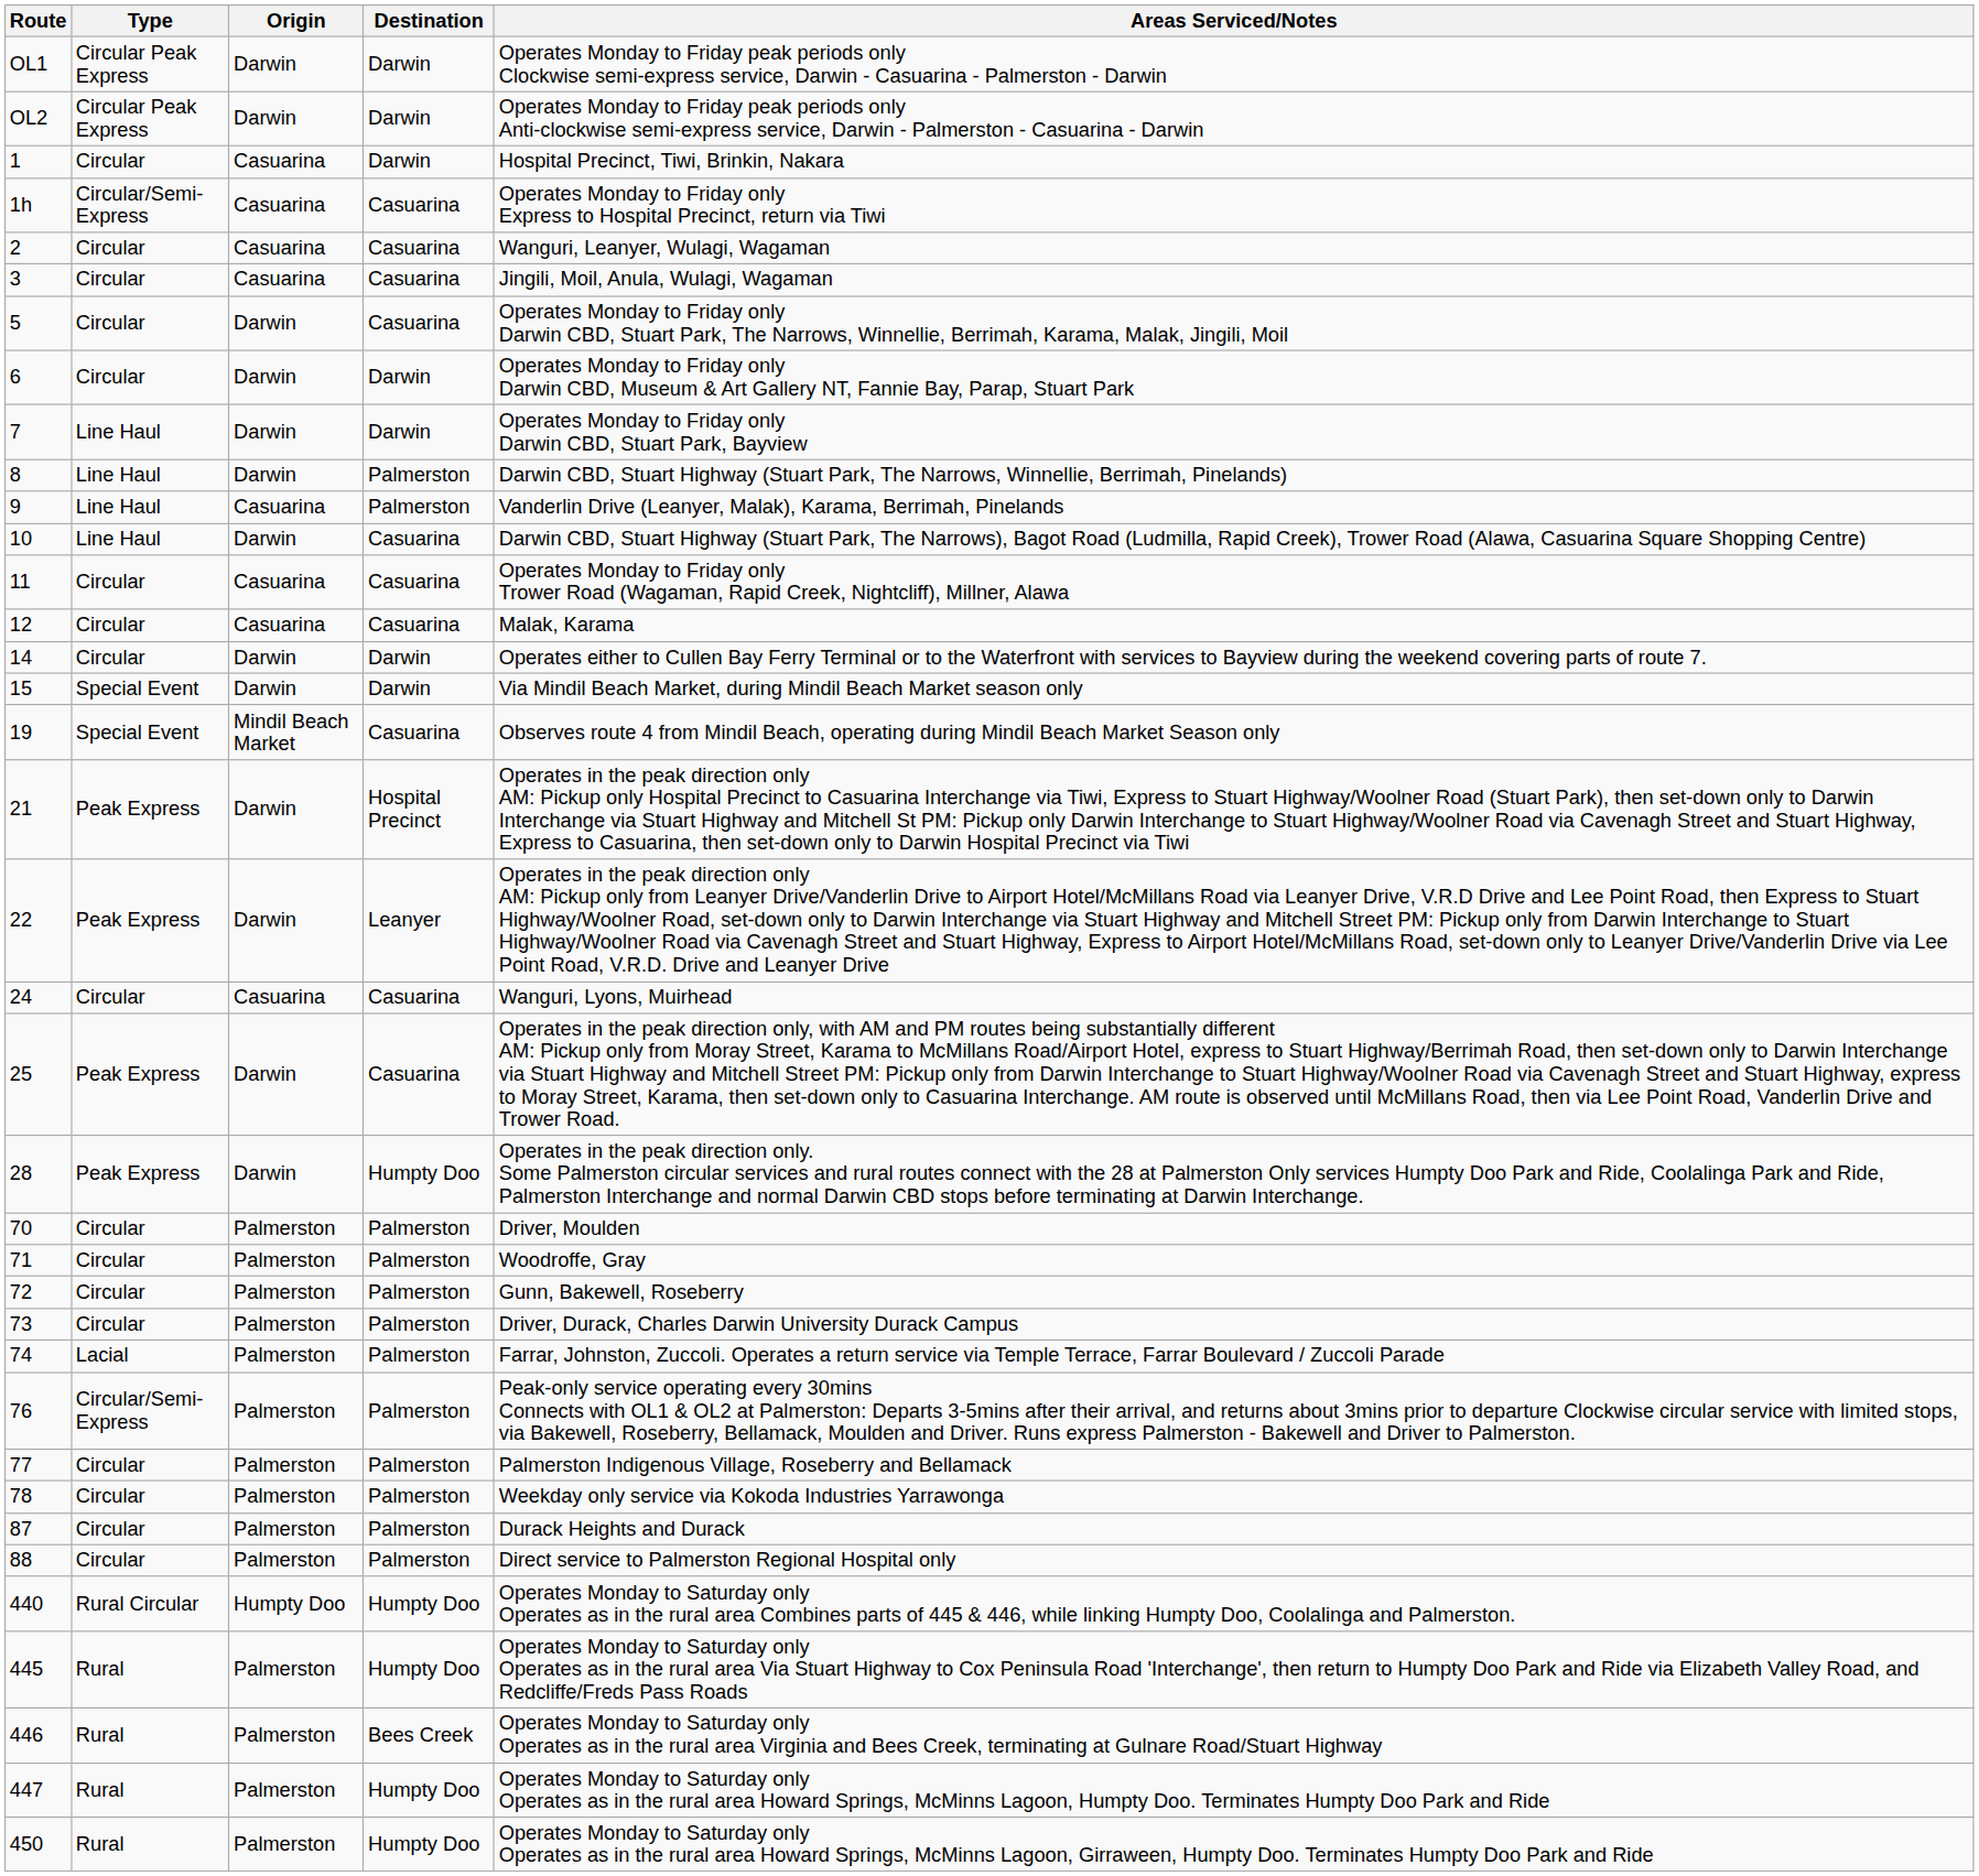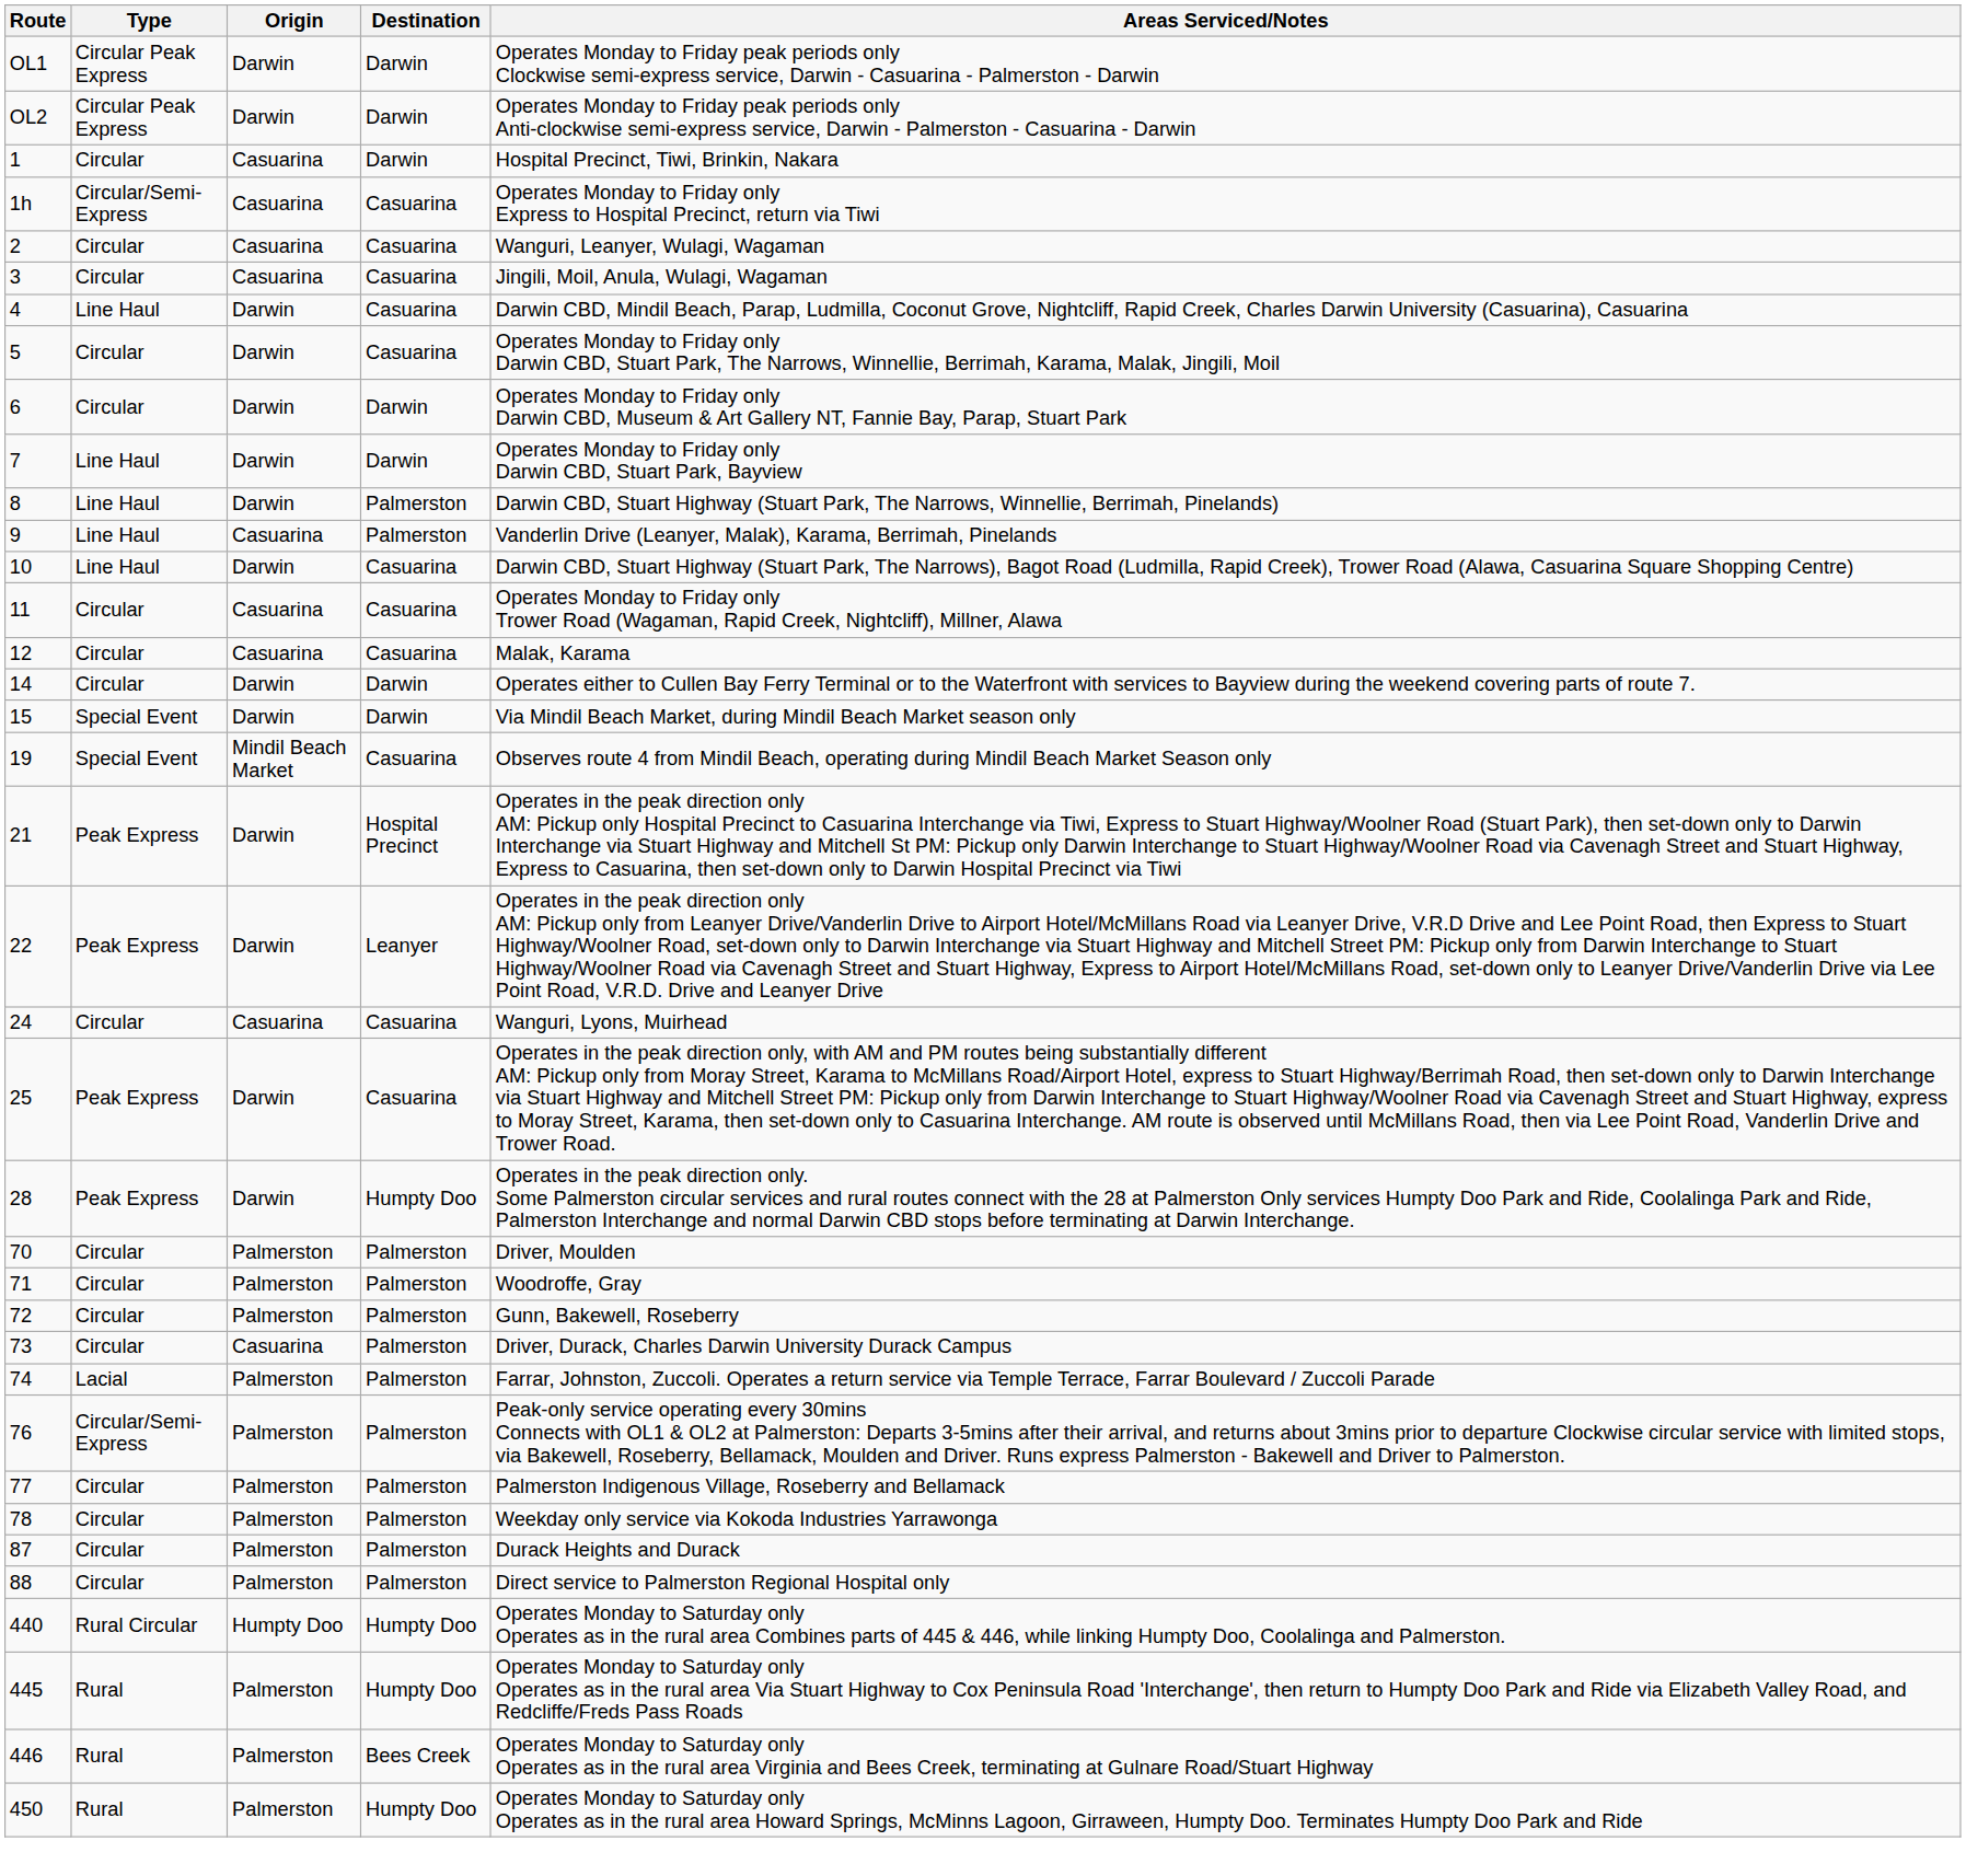 <table class="wikitable">
 <tr>
 <th>Route</th>
 <th>Type</th>
 <th>Origin</th>
 <th>Destination</th>
 <th>Areas Serviced/Notes</th>
 </tr>
 <tr>
 <td>OL1</td>
 <td>Circular Peak Express</td>
 <td>Darwin</td>
 <td>Darwin</td>
 <td>Operates Monday to Friday peak periods only<br>Clockwise semi-express service, Darwin - Casuarina - Palmerston - Darwin</td>
 </tr>
 <tr>
 <td>OL2</td>
 <td>Circular Peak Express</td>
 <td>Darwin</td>
 <td>Darwin</td>
 <td>Operates Monday to Friday peak periods only<br>Anti-clockwise semi-express service, Darwin - Palmerston - Casuarina - Darwin</td>
 </tr>
 <tr>
 <td>1</td>
 <td>Circular</td>
 <td>Casuarina</td>
 <td>Darwin</td>
 <td>Hospital Precinct, Tiwi, Brinkin, Nakara</td>
 </tr>
 <tr>
 <td>1h</td>
 <td>Circular/Semi-Express</td>
 <td>Casuarina</td>
 <td>Casuarina</td>
 <td>Operates Monday to Friday only<br>Express to Hospital Precinct, return via Tiwi</td>
 </tr>
 <tr>
 <td>2</td>
 <td>Circular</td>
 <td>Casuarina</td>
 <td>Casuarina</td>
 <td>Wanguri, Leanyer, Wulagi, Wagaman</td>
 </tr>
 <tr>
 <td>3</td>
 <td>Circular</td>
 <td>Casuarina</td>
 <td>Casuarina</td>
 <td>Jingili, Moil, Anula, Wulagi, Wagaman</td>
+</tr>
+<tr>
+<td>4</td>
+<td>Line Haul</td>
+<td>Darwin</td>
+<td>Casuarina</td>
+<td>Darwin CBD, Mindil Beach, Parap, Ludmilla, Coconut Grove, Nightcliff, Rapid Creek, Charles Darwin University (Casuarina), Casuarina</td>
 </tr>
 <tr>
 <td>5</td>
 <td>Circular</td>
 <td>Darwin</td>
 <td>Casuarina</td>
 <td>Operates Monday to Friday only<br>Darwin CBD, Stuart Park, The Narrows, Winnellie, Berrimah, Karama, Malak, Jingili, Moil</td>
 </tr>
 <tr>
 <td>6</td>
 <td>Circular</td>
 <td>Darwin</td>
 <td>Darwin</td>
 <td>Operates Monday to Friday only<br>Darwin CBD, Museum & Art Gallery NT, Fannie Bay, Parap, Stuart Park</td>
 </tr>
 <tr>
 <td>7</td>
 <td>Line Haul</td>
 <td>Darwin</td>
 <td>Darwin</td>
 <td>Operates Monday to Friday only<br>Darwin CBD, Stuart Park, Bayview</td>
 </tr>
 <tr>
 <td>8</td>
 <td>Line Haul</td>
 <td>Darwin</td>
 <td>Palmerston</td>
 <td>Darwin CBD, Stuart Highway (Stuart Park, The Narrows, Winnellie, Berrimah, Pinelands)</td>
 </tr>
 <tr>
 <td>9</td>
 <td>Line Haul</td>
 <td>Casuarina</td>
 <td>Palmerston</td>
 <td>Vanderlin Drive (Leanyer, Malak), Karama, Berrimah, Pinelands</td>
 </tr>
 <tr>
 <td>10</td>
 <td>Line Haul</td>
 <td>Darwin</td>
 <td>Casuarina</td>
 <td>Darwin CBD, Stuart Highway (Stuart Park, The Narrows), Bagot Road (Ludmilla, Rapid Creek), Trower Road (Alawa, Casuarina Square Shopping Centre)</td>
 </tr>
 <tr>
 <td>11</td>
 <td>Circular</td>
 <td>Casuarina</td>
 <td>Casuarina</td>
 <td>Operates Monday to Friday only<br>Trower Road (Wagaman, Rapid Creek, Nightcliff), Millner, Alawa</td>
 </tr>
 <tr>
 <td>12</td>
 <td>Circular</td>
 <td>Casuarina</td>
 <td>Casuarina</td>
 <td>Malak, Karama</td>
 </tr>
 <tr>
 <td>14</td>
 <td>Circular</td>
 <td>Darwin</td>
 <td>Darwin</td>
 <td>Operates either to Cullen Bay Ferry Terminal or to the Waterfront with services to Bayview during the weekend covering parts of route 7.</td>
 </tr>
 <tr>
 <td>15</td>
 <td>Special Event</td>
 <td>Darwin</td>
 <td>Darwin</td>
 <td>Via Mindil Beach Market, during Mindil Beach Market season only</td>
 </tr>
 <tr>
 <td>19</td>
 <td>Special Event</td>
 <td>Mindil Beach Market</td>
 <td>Casuarina</td>
 <td>Observes route 4 from Mindil Beach, operating during Mindil Beach Market Season only</td>
 </tr>
 <tr>
 <td>21</td>
 <td>Peak Express</td>
 <td>Darwin</td>
 <td>Hospital Precinct</td>
 <td>Operates in the peak direction only<br>AM: Pickup only Hospital Precinct to Casuarina Interchange via Tiwi, Express to Stuart Highway/Woolner Road (Stuart Park), then set-down only to Darwin Interchange via Stuart Highway and Mitchell St PM: Pickup only Darwin Interchange to Stuart Highway/Woolner Road via Cavenagh Street and Stuart Highway, Express to Casuarina, then set-down only to Darwin Hospital Precinct via Tiwi</td>
 </tr>
 <tr>
 <td>22</td>
 <td>Peak Express</td>
 <td>Darwin</td>
 <td>Leanyer</td>
 <td>Operates in the peak direction only<br>AM: Pickup only from Leanyer Drive/Vanderlin Drive to Airport Hotel/McMillans Road via Leanyer Drive, V.R.D Drive and Lee Point Road, then Express to Stuart Highway/Woolner Road, set-down only to Darwin Interchange via Stuart Highway and Mitchell Street PM: Pickup only from Darwin Interchange to Stuart Highway/Woolner Road via Cavenagh Street and Stuart Highway, Express to Airport Hotel/McMillans Road, set-down only to Leanyer Drive/Vanderlin Drive via Lee Point Road, V.R.D. Drive and Leanyer Drive</td>
 </tr>
 <tr>
 <td>24</td>
 <td>Circular</td>
 <td>Casuarina</td>
 <td>Casuarina</td>
 <td>Wanguri, Lyons, Muirhead</td>
 </tr>
 <tr>
 <td>25</td>
 <td>Peak Express</td>
 <td>Darwin</td>
 <td>Casuarina</td>
 <td>Operates in the peak direction only, with AM and PM routes being substantially different<br>AM: Pickup only from Moray Street, Karama to McMillans Road/Airport Hotel, express to Stuart Highway/Berrimah Road, then set-down only to Darwin Interchange via Stuart Highway and Mitchell Street PM: Pickup only from Darwin Interchange to Stuart Highway/Woolner Road via Cavenagh Street and Stuart Highway, express to Moray Street, Karama, then set-down only to Casuarina Interchange. AM route is observed until McMillans Road, then via Lee Point Road, Vanderlin Drive and Trower Road.</td>
 </tr>
 <tr>
 <td>28</td>
 <td>Peak Express</td>
 <td>Darwin</td>
 <td>Humpty Doo</td>
 <td>Operates in the peak direction only.<br>Some Palmerston circular services and rural routes connect with the 28 at Palmerston Only services Humpty Doo Park and Ride, Coolalinga Park and Ride, Palmerston Interchange and normal Darwin CBD stops before terminating at Darwin Interchange.</td>
 </tr>
 <tr>
 <td>70</td>
 <td>Circular</td>
 <td>Palmerston</td>
 <td>Palmerston</td>
 <td>Driver, Moulden</td>
 </tr>
 <tr>
 <td>71</td>
 <td>Circular</td>
 <td>Palmerston</td>
 <td>Palmerston</td>
 <td>Woodroffe, Gray</td>
 </tr>
 <tr>
 <td>72</td>
 <td>Circular</td>
 <td>Palmerston</td>
 <td>Palmerston</td>
 <td>Gunn, Bakewell, Roseberry</td>
 </tr>
 <tr>
 <td>73</td>
 <td>Circular</td>
-<td>Palmerston</td>
+<td>Casuarina</td>
 <td>Palmerston</td>
 <td>Driver, Durack, Charles Darwin University Durack Campus</td>
 </tr>
 <tr>
 <td>74</td>
 <td>Lacial</td>
 <td>Palmerston</td>
 <td>Palmerston</td>
 <td>Farrar, Johnston, Zuccoli. Operates a return service via Temple Terrace, Farrar Boulevard / Zuccoli Parade</td>
 </tr>
 <tr>
 <td>76</td>
 <td>Circular/Semi-Express</td>
 <td>Palmerston</td>
 <td>Palmerston</td>
 <td>Peak-only service operating every 30mins<br>Connects with OL1 & OL2 at Palmerston: Departs 3-5mins after their arrival, and returns about 3mins prior to departure Clockwise circular service with limited stops, via Bakewell, Roseberry, Bellamack, Moulden and Driver. Runs express Palmerston - Bakewell and Driver to Palmerston.</td>
 </tr>
 <tr>
 <td>77</td>
 <td>Circular</td>
 <td>Palmerston</td>
 <td>Palmerston</td>
 <td>Palmerston Indigenous Village, Roseberry and Bellamack</td>
 </tr>
 <tr>
 <td>78</td>
 <td>Circular</td>
 <td>Palmerston</td>
 <td>Palmerston</td>
 <td>Weekday only service via Kokoda Industries Yarrawonga</td>
 </tr>
 <tr>
 <td>87</td>
 <td>Circular</td>
 <td>Palmerston</td>
 <td>Palmerston</td>
 <td>Durack Heights and Durack</td>
 </tr>
 <tr>
 <td>88</td>
 <td>Circular</td>
 <td>Palmerston</td>
 <td>Palmerston</td>
 <td>Direct service to Palmerston Regional Hospital only</td>
 </tr>
 <tr>
 <td>440</td>
 <td>Rural Circular</td>
 <td>Humpty Doo</td>
 <td>Humpty Doo</td>
 <td>Operates Monday to Saturday only<br>Operates as  in the rural area Combines parts of 445 & 446, while linking Humpty Doo, Coolalinga and Palmerston.</td>
 </tr>
 <tr>
 <td>445</td>
 <td>Rural</td>
 <td>Palmerston</td>
 <td>Humpty Doo</td>
 <td>Operates Monday to Saturday only<br>Operates as  in the rural area Via Stuart Highway to Cox Peninsula Road 'Interchange', then return to Humpty Doo Park and Ride via Elizabeth Valley Road, and Redcliffe/Freds Pass Roads</td>
 </tr>
 <tr>
 <td>446</td>
 <td>Rural</td>
 <td>Palmerston</td>
 <td>Bees Creek</td>
 <td>Operates Monday to Saturday only<br>Operates as  in the rural area Virginia and Bees Creek, terminating at Gulnare Road/Stuart Highway</td>
 </tr>
 <tr>
-<td>447</td>
-<td>Rural</td>
-<td>Palmerston</td>
-<td>Humpty Doo</td>
-<td>Operates Monday to Saturday only<br>Operates as  in the rural area Howard Springs, McMinns Lagoon, Humpty Doo. Terminates Humpty Doo Park and Ride</td>
-</tr>
-<tr>
 <td>450</td>
 <td>Rural</td>
 <td>Palmerston</td>
 <td>Humpty Doo</td>
 <td>Operates Monday to Saturday only<br>Operates as  in the rural area Howard Springs, McMinns Lagoon, Girraween, Humpty Doo. Terminates Humpty Doo Park and Ride</td>
 </tr>
 </table>
